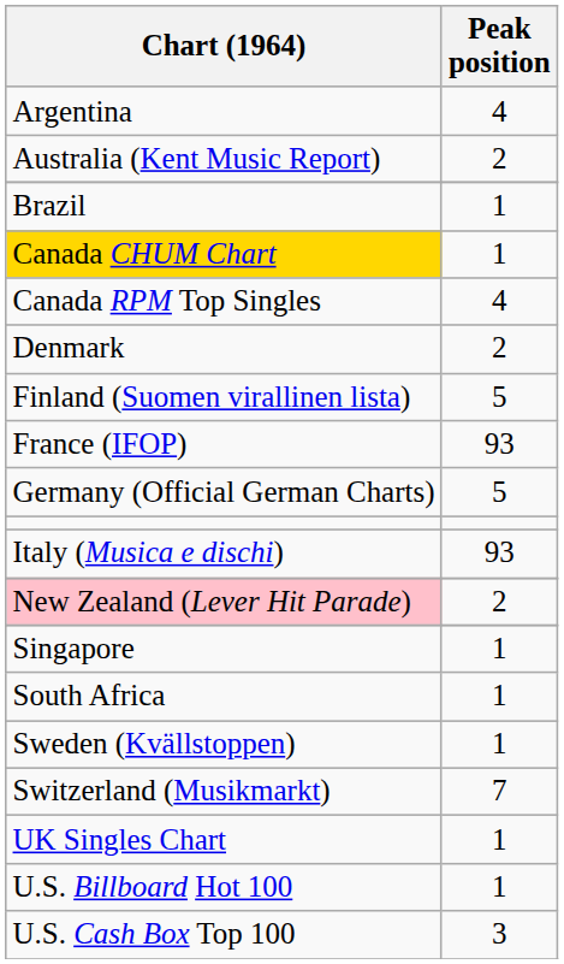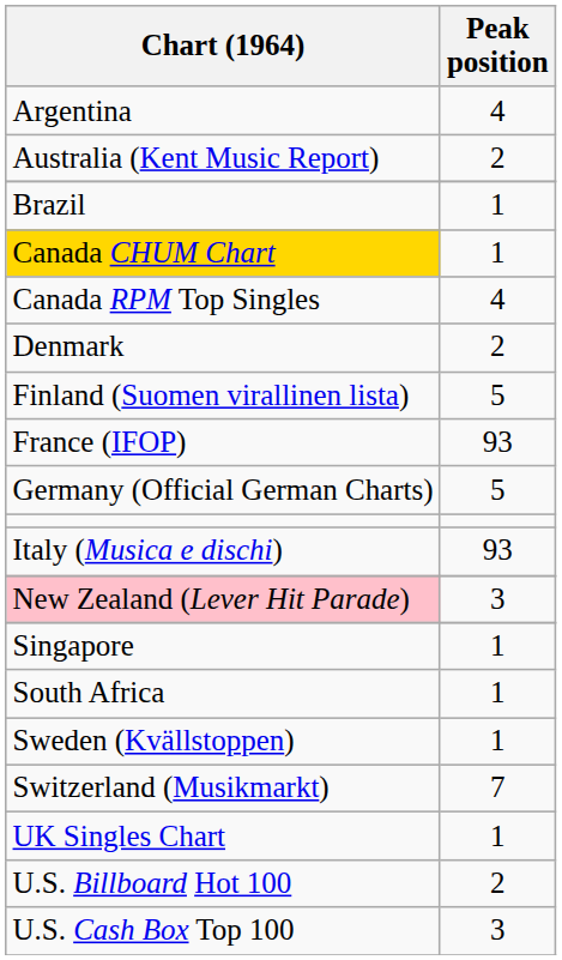 <table class="wikitable sortable">
 <tr>
 <th>Chart (1964)</th>
 <th>Peak<br>position</th>
 </tr>
 <tr>
 <td>Argentina</td>
 <td align="center">4</td>
 </tr>
 <tr>
 <td>Australia (<a href='#'>Kent Music Report</a>)</td>
 <td style="text-align:center;">2</td>
 </tr>
 <tr>
 </tr>
 <tr>
 </tr>
 <tr>
 <td>Brazil</td>
 <td align="center">1</td>
 </tr>
 <tr>
 <td style="background: gold;">Canada <em><a href='#'>CHUM Chart</a></em></td>
 <td style="text-align:center;">1</td>
 </tr>
 <tr>
 <td>Canada <em><a href='#'>RPM</a></em> Top Singles</td>
 <td style="text-align:center;">4</td>
 </tr>
 <tr>
 <td>Denmark</td>
 <td style="text-align:center;">2</td>
 </tr>
 <tr>
 <td>Finland (<a href='#'>Suomen virallinen lista</a>)</td>
 <td style="text-align:center;">5</td>
 </tr>
 <tr>
 <td>France (<a href='#'>IFOP</a>)</td>
 <td style="text-align:center;">93</td>
 </tr>
 <tr>
 <td>Germany (Official German Charts)</td>
 <td style="text-align:center;">5</td>
 </tr>
 <tr>
 <td></td>
 </tr>
 <tr>
 <td>Italy (<em><a href='#'>Musica e dischi</a></em>)</td>
 <td align="center">93</td>
 </tr>
 <tr>
 </tr>
 <tr>
 <td style="background: pink;">New Zealand (<em>Lever Hit Parade</em>)</td>
-<td style="text-align:center;">2</td>
+<td style="text-align:center;">3</td>
 </tr>
 <tr>
 </tr>
 <tr>
 <td>Singapore</td>
 <td style="text-align:center;">1</td>
 </tr>
 <tr>
 <td>South Africa</td>
 <td style="text-align:center;">1</td>
 </tr>
 <tr>
 <td>Sweden (<a href='#'>Kvällstoppen</a>)</td>
 <td style="text-align:center;">1</td>
 </tr>
 <tr>
 <td>Switzerland (<a href='#'>Musikmarkt</a>)</td>
 <td style="text-align:center;">7</td>
 </tr>
 <tr>
 <td><a href='#'>UK Singles Chart</a></td>
 <td style="text-align:center;">1</td>
 </tr>
 <tr>
 <td>U.S. <em><a href='#'>Billboard</a></em> <a href='#'>Hot 100</a></td>
-<td style="text-align:center;">1</td>
+<td style="text-align:center;">2</td>
 </tr>
 <tr>
 <td>U.S. <a href='#'><em>Cash Box</em></a> Top 100</td>
 <td align="center">3</td>
 </tr>
 <tr>
 </tr>
 <tr>
 </tr>
 </table>
